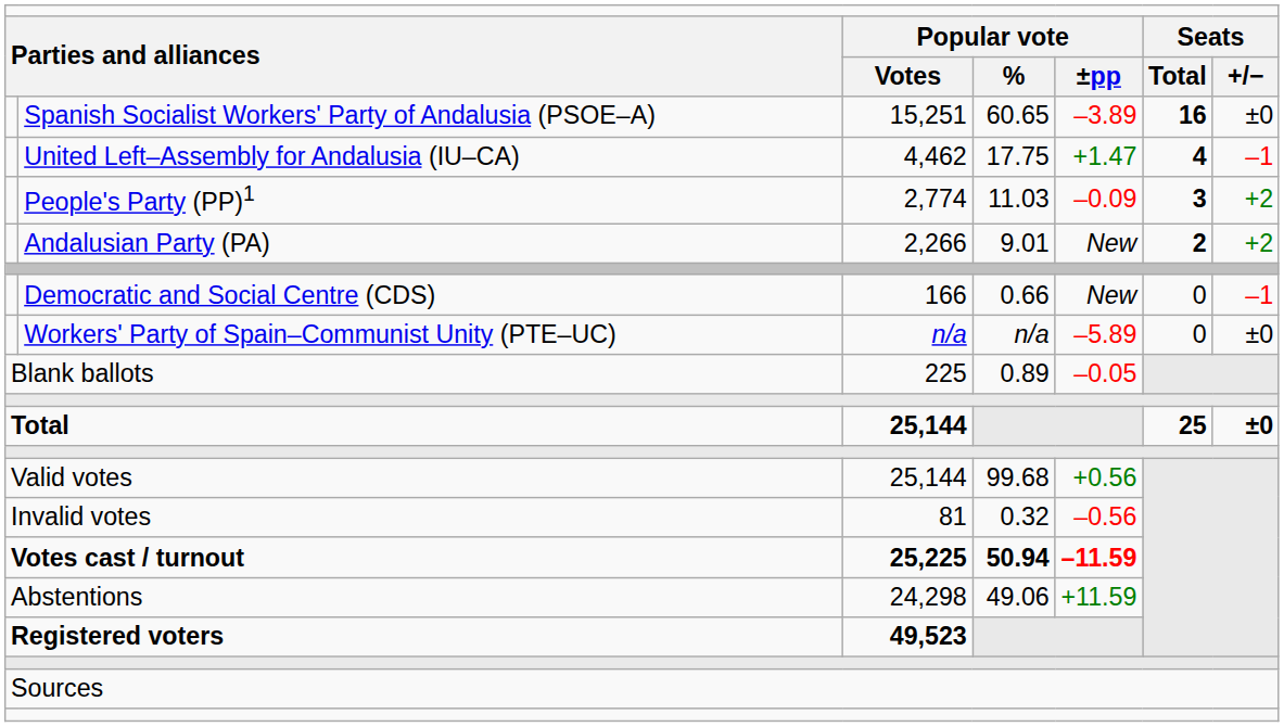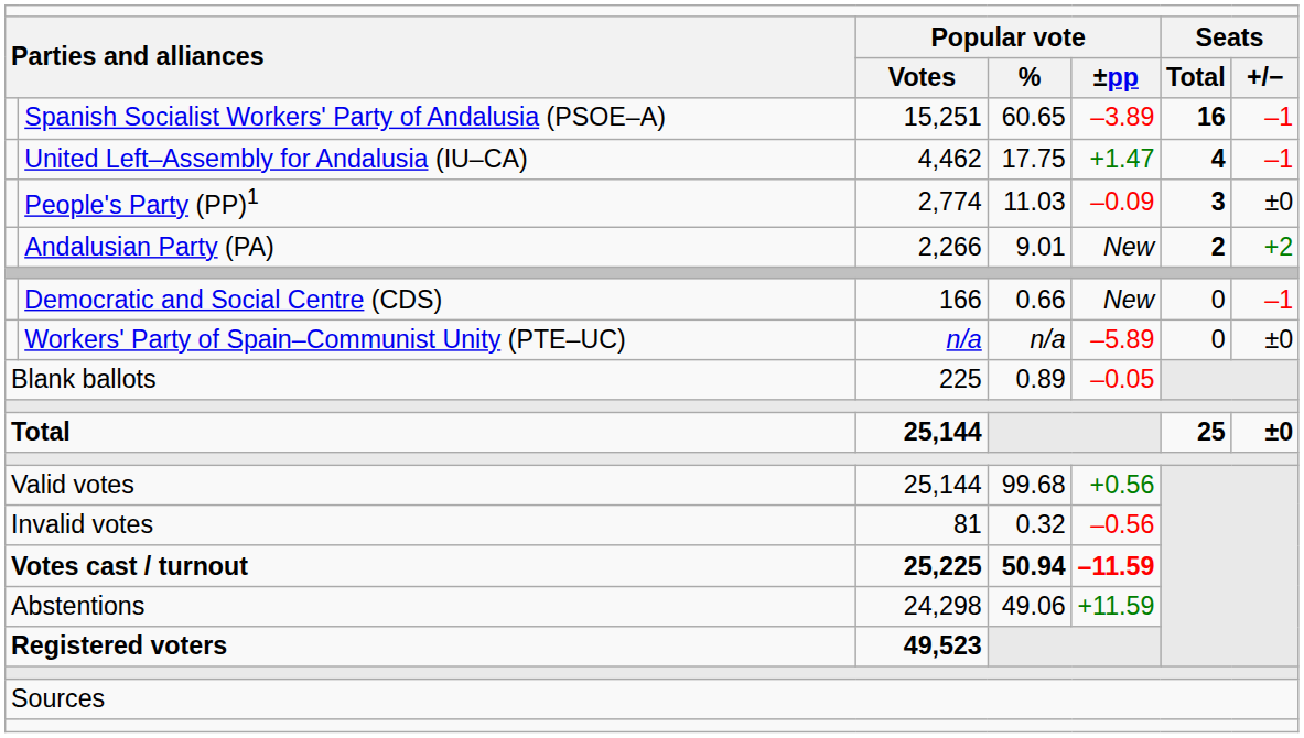 <table class="wikitable" style="text-align:right;">
 <tr>
 <td colspan="7"></td>
 </tr>
 <tr>
 <th style="text-align:left;" rowspan="2" colspan="2" width="525">Parties and alliances</th>
 <th colspan="3">Popular vote</th>
 <th colspan="2">Seats</th>
 </tr>
 <tr>
 <th width="75">Votes</th>
 <th width="45">%</th>
 <th width="45">±<a href='#'>pp</a></th>
 <th width="35">Total</th>
 <th width="35">+/−</th>
 </tr>
 <tr>
 <td width="1" style="color:inherit;background:"></td>
 <td align="left"><a href='#'>Spanish Socialist Workers' Party of Andalusia</a> (PSOE–A)</td>
 <td>15,251</td>
 <td>60.65</td>
 <td style="color:red;">–3.89</td>
 <td><strong>16</strong></td>
-<td>±0</td>
+<td style="color:red;">–1</td>
 </tr>
 <tr>
 <td style="color:inherit;background:"></td>
 <td align="left"><a href='#'>United Left–Assembly for Andalusia</a> (IU–CA)</td>
 <td>4,462</td>
 <td>17.75</td>
 <td style="color:green;">+1.47</td>
 <td><strong>4</strong></td>
 <td style="color:red;">–1</td>
 </tr>
 <tr>
 <td style="color:inherit;background:"></td>
 <td align="left"><a href='#'>People's Party</a> (PP)<sup>1</sup></td>
 <td>2,774</td>
 <td>11.03</td>
 <td style="color:red;">–0.09</td>
 <td><strong>3</strong></td>
-<td style="color:green;">+2</td>
+<td>±0</td>
 </tr>
 <tr>
 <td style="color:inherit;background:"></td>
 <td align="left"><a href='#'>Andalusian Party</a> (PA)</td>
 <td>2,266</td>
 <td>9.01</td>
 <td><em>New</em></td>
 <td><strong>2</strong></td>
 <td style="color:green;">+2</td>
 </tr>
 <tr>
 <td colspan="7" bgcolor="#C0C0C0"></td>
 </tr>
 <tr>
 <td style="color:inherit;background:"></td>
 <td align="left"><a href='#'>Democratic and Social Centre</a> (CDS)</td>
 <td>166</td>
 <td>0.66</td>
 <td><em>New</em></td>
 <td>0</td>
 <td style="color:red;">–1</td>
 </tr>
 <tr>
 <td style="color:inherit;background:"></td>
 <td align="left"><a href='#'>Workers' Party of Spain–Communist Unity</a> (PTE–UC)</td>
 <td><em><a href='#'>n/a</a></em></td>
 <td><em>n/a</em></td>
 <td style="color:red;">–5.89</td>
 <td>0</td>
 <td>±0</td>
 </tr>
 <tr>
 <td align="left" colspan="2">Blank ballots</td>
 <td>225</td>
 <td>0.89</td>
 <td style="color:red;">–0.05</td>
 <td bgcolor="#E9E9E9" colspan="2"></td>
 </tr>
 <tr>
 <td colspan="7" bgcolor="#E9E9E9"></td>
 </tr>
 <tr style="font-weight:bold;">
 <td align="left" colspan="2">Total</td>
 <td>25,144</td>
 <td bgcolor="#E9E9E9" colspan="2"></td>
 <td>25</td>
 <td>±0</td>
 </tr>
 <tr>
 <td colspan="7" bgcolor="#E9E9E9"></td>
 </tr>
 <tr>
 <td align="left" colspan="2">Valid votes</td>
 <td>25,144</td>
 <td>99.68</td>
 <td style="color:green;">+0.56</td>
 <td bgcolor="#E9E9E9" colspan="2" rowspan="5"></td>
 </tr>
 <tr>
 <td align="left" colspan="2">Invalid votes</td>
 <td>81</td>
 <td>0.32</td>
 <td style="color:red;">–0.56</td>
 </tr>
 <tr style="font-weight:bold;">
 <td align="left" colspan="2">Votes cast / turnout</td>
 <td>25,225</td>
 <td>50.94</td>
 <td style="color:red;">–11.59</td>
 </tr>
 <tr>
 <td align="left" colspan="2">Abstentions</td>
 <td>24,298</td>
 <td>49.06</td>
 <td style="color:green;">+11.59</td>
 </tr>
 <tr style="font-weight:bold;">
 <td align="left" colspan="2">Registered voters</td>
 <td>49,523</td>
 <td bgcolor="#E9E9E9" colspan="2"></td>
 </tr>
 <tr>
 <td colspan="7" bgcolor="#E9E9E9"></td>
 </tr>
 <tr>
 <td align="left" colspan="7">Sources</td>
 </tr>
 <tr>
 <td colspan="7" style="text-align:left; max-width:790px;"></td>
 </tr>
 </table>
